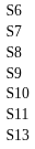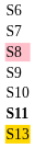 <table>
 <tr>
 <td>S6</td>
 <td></td>
 <td></td>
 <td></td>
 </tr>
 <tr>
 <td>S7<br><small></small></td>
 <td></td>
 <td></td>
 <td></td>
 </tr>
 <tr>
-<td>S8<br><small></small></td>
+<td style="background: pink;">S8<br><small></small></td>
 <td></td>
 <td></td>
 <td></td>
 </tr>
 <tr>
 <td>S9</td>
 <td></td>
 <td></td>
 <td></td>
 </tr>
 <tr>
 <td>S10</td>
 <td></td>
 <td></td>
 <td></td>
 </tr>
 <tr>
-<td>S11</td>
+<td><strong>S11</strong></td>
 <td></td>
 <td></td>
 <td></td>
 </tr>
 <tr>
-<td>S13</td>
+<td style="background: gold;">S13</td>
 <td></td>
 <td></td>
 <td></td>
 </tr>
 </table>
